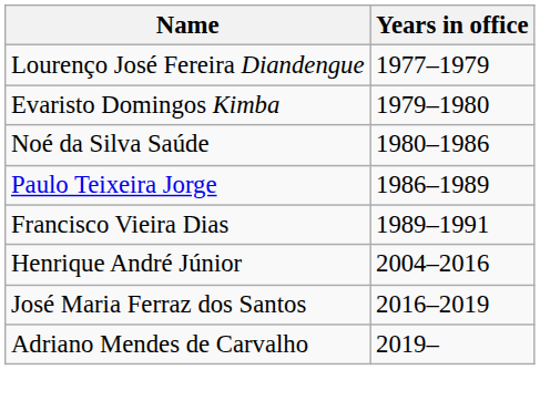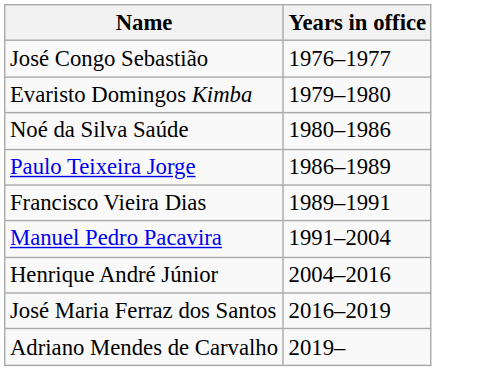 <table class="wikitable sortable">
 <tr>
 <th>Name</th>
 <th>Years in office</th>
 </tr>
 <tr>
-<td>Lourenço José Fereira <em>Diandengue</em></td>
-<td data-sort-value="03">1977–1979</td>
+<td>José Congo Sebastião</td>
+<td data-sort-value="02">1976–1977</td>
 </tr>
 <tr>
 <td>Evaristo Domingos <em>Kimba</em></td>
 <td data-sort-value="02">1979–1980</td>
 </tr>
 <tr>
 <td>Noé da Silva Saúde</td>
 <td data-sort-value="07">1980–1986</td>
 </tr>
 <tr>
 <td><a href='#'>Paulo Teixeira Jorge</a></td>
 <td data-sort-value="04">1986–1989</td>
 </tr>
 <tr>
 <td>Francisco Vieira Dias</td>
 <td data-sort-value="03">1989–1991</td>
 </tr>
 <tr>
+<td><a href='#'>Manuel Pedro Pacavira</a></td>
+<td data-sort-value="14">1991–2004</td>
+</tr>
+<tr>
 <td>Henrique André Júnior</td>
 <td data-sort-value="13">2004–2016</td>
 </tr>
 <tr>
 <td>José Maria Ferraz dos Santos</td>
 <td data-sort-value="03">2016–2019</td>
 </tr>
 <tr>
 <td>Adriano Mendes de Carvalho</td>
 <td data-sort-value="01">2019–</td>
 </tr>
 </table>
